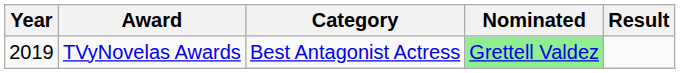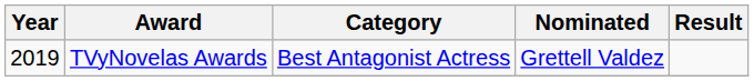 <table class="wikitable plainrowheaders">
 <tr>
 <th scope="col">Year</th>
 <th scope="col">Award</th>
 <th scope="col">Category</th>
 <th scope="col">Nominated</th>
 <th scope="col">Result</th>
 </tr>
 <tr>
 <td rowspan="2">2019</td>
 <td rowspan="2"><a href='#'>TVyNovelas Awards</a></td>
 <td><a href='#'>Best Antagonist Actress</a></td>
-<td style="background: lightgreen;"><a href='#'>Grettell Valdez</a></td>
+<td><a href='#'>Grettell Valdez</a></td>
 <td></td>
 </tr>
 <tr>
 </tr>
 </table>
